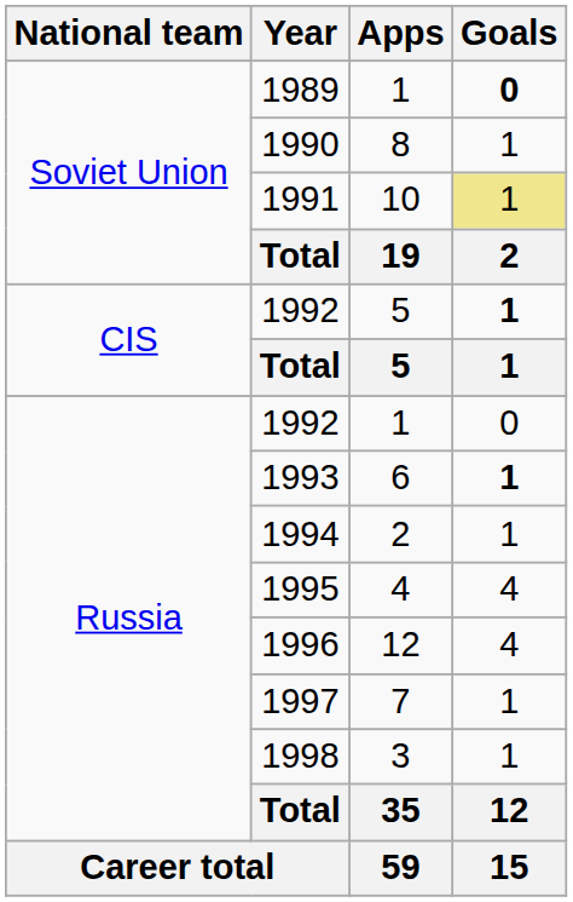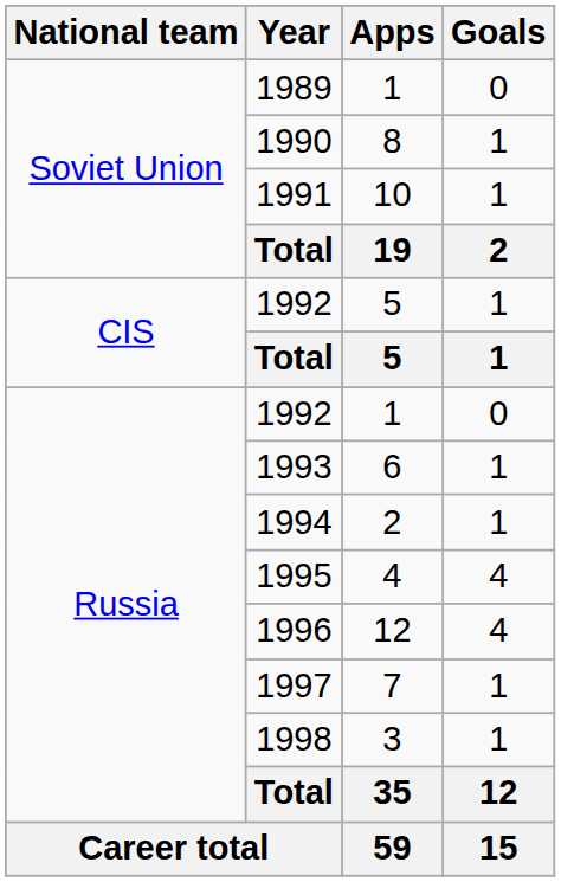 <table class=wikitable style="text-align: center">
 <tr>
 <th>National team</th>
 <th>Year</th>
 <th>Apps</th>
 <th>Goals</th>
 </tr>
 <tr>
 <td rowspan="4"><a href='#'>Soviet Union</a></td>
 <td>1989</td>
 <td>1</td>
-<td><strong>0</strong></td>
+<td>0</td>
 </tr>
 <tr>
 <td>1990</td>
 <td>8</td>
 <td>1</td>
 </tr>
 <tr>
 <td>1991</td>
 <td>10</td>
-<td style="background: khaki;">1</td>
+<td>1</td>
 </tr>
 <tr>
 <th>Total</th>
 <th>19</th>
 <th>2</th>
 </tr>
 <tr>
 <td rowspan="2"><a href='#'>CIS</a></td>
 <td>1992</td>
 <td>5</td>
-<td><strong>1</strong></td>
+<td>1</td>
 </tr>
 <tr>
 <th>Total</th>
 <th>5</th>
 <th>1</th>
 </tr>
 <tr>
 <td rowspan="8"><a href='#'>Russia</a></td>
 <td>1992</td>
 <td>1</td>
 <td>0</td>
 </tr>
 <tr>
 <td>1993</td>
 <td>6</td>
-<td><strong>1</strong></td>
+<td>1</td>
 </tr>
 <tr>
 <td>1994</td>
 <td>2</td>
 <td>1</td>
 </tr>
 <tr>
 <td>1995</td>
 <td>4</td>
 <td>4</td>
 </tr>
 <tr>
 <td>1996</td>
 <td>12</td>
 <td>4</td>
 </tr>
 <tr>
 <td>1997</td>
 <td>7</td>
 <td>1</td>
 </tr>
 <tr>
 <td>1998</td>
 <td>3</td>
 <td>1</td>
 </tr>
 <tr>
 <th>Total</th>
 <th>35</th>
 <th>12</th>
 </tr>
 <tr>
 <th colspan="2">Career total</th>
 <th>59</th>
 <th>15</th>
 </tr>
 </table>
